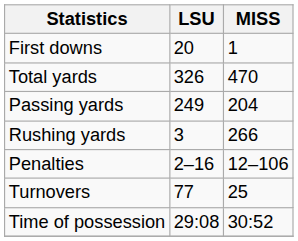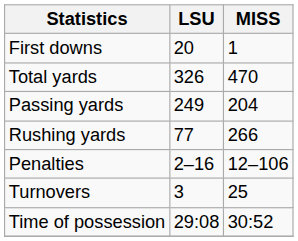 <table class="wikitable" style="float: left;">
 <tr>
 <th>Statistics</th>
 <th>LSU</th>
 <th>MISS</th>
 </tr>
 <tr>
 <td>First downs</td>
 <td>20</td>
 <td>1</td>
 </tr>
 <tr>
 <td>Total yards</td>
 <td>326</td>
 <td>470</td>
 </tr>
 <tr>
 <td>Passing yards</td>
 <td>249</td>
 <td>204</td>
 </tr>
 <tr>
 <td>Rushing yards</td>
-<td>3</td>
+<td>77</td>
 <td>266</td>
 </tr>
 <tr>
 <td>Penalties</td>
 <td>2–16</td>
 <td>12–106</td>
 </tr>
 <tr>
 <td>Turnovers</td>
-<td>77</td>
+<td>3</td>
 <td>25</td>
 </tr>
 <tr>
 <td>Time of possession</td>
 <td>29:08</td>
 <td>30:52</td>
 </tr>
 <tr>
 </tr>
 </table>
